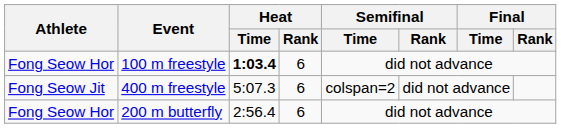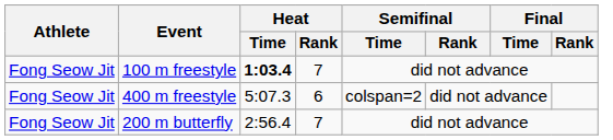 <table class=wikitable style="font-size:90%">
 <tr>
 <th rowspan=2>Athlete</th>
 <th rowspan=2>Event</th>
 <th colspan="2">Heat</th>
 <th colspan="2">Semifinal</th>
 <th colspan="2">Final</th>
 </tr>
 <tr style="font-size:95%">
 <th>Time</th>
 <th>Rank</th>
 <th>Time</th>
 <th>Rank</th>
 <th>Time</th>
 <th>Rank</th>
 </tr>
 <tr align=center>
-<td align=left><a href='#'>Fong Seow Hor</a></td>
+<td align=left><a href='#'>Fong Seow Jit</a></td>
 <td align=left><a href='#'>100 m freestyle</a></td>
 <td><strong>1:03.4</strong></td>
-<td>6</td>
+<td>7</td>
 <td colspan=4>did not advance</td>
 </tr>
 <tr align=center>
 <td align=left><a href='#'>Fong Seow Jit</a></td>
 <td align=left><a href='#'>400 m freestyle</a></td>
 <td>5:07.3</td>
 <td>6</td>
 <td>colspan=2 </td>
 <td colspan=2>did not advance</td>
 </tr>
 <tr align=center>
-<td align=left><a href='#'>Fong Seow Hor</a></td>
+<td align=left><a href='#'>Fong Seow Jit</a></td>
 <td align=left><a href='#'>200 m butterfly</a></td>
 <td>2:56.4</td>
-<td>6</td>
+<td>7</td>
 <td colspan=4>did not advance</td>
 </tr>
 </table>
